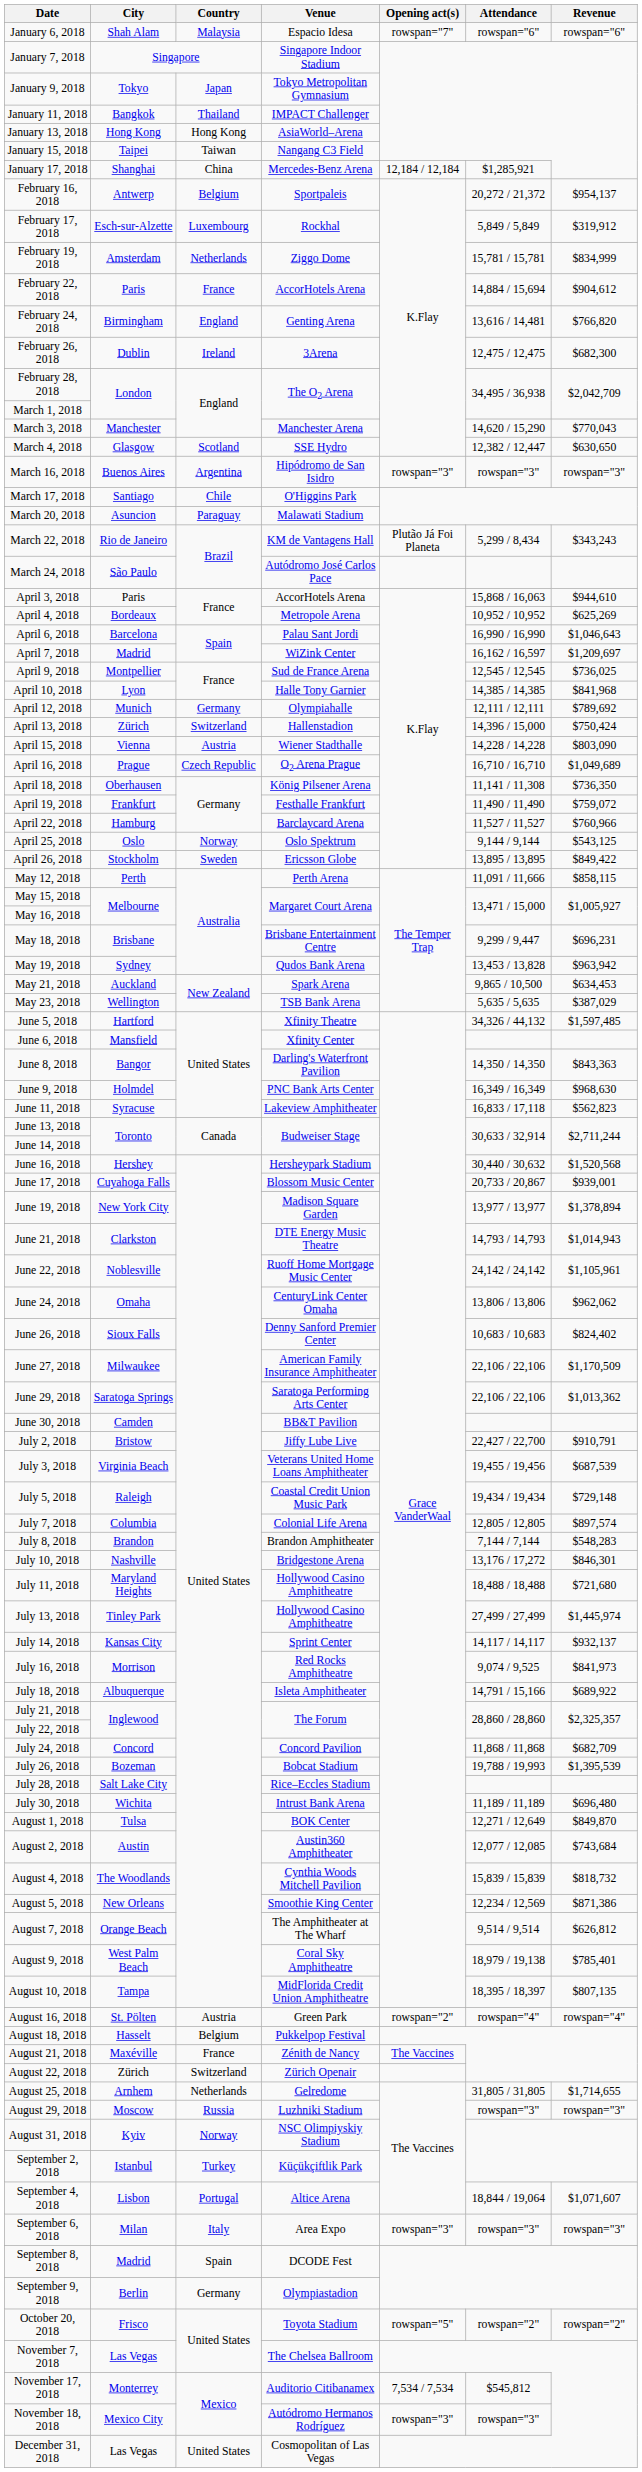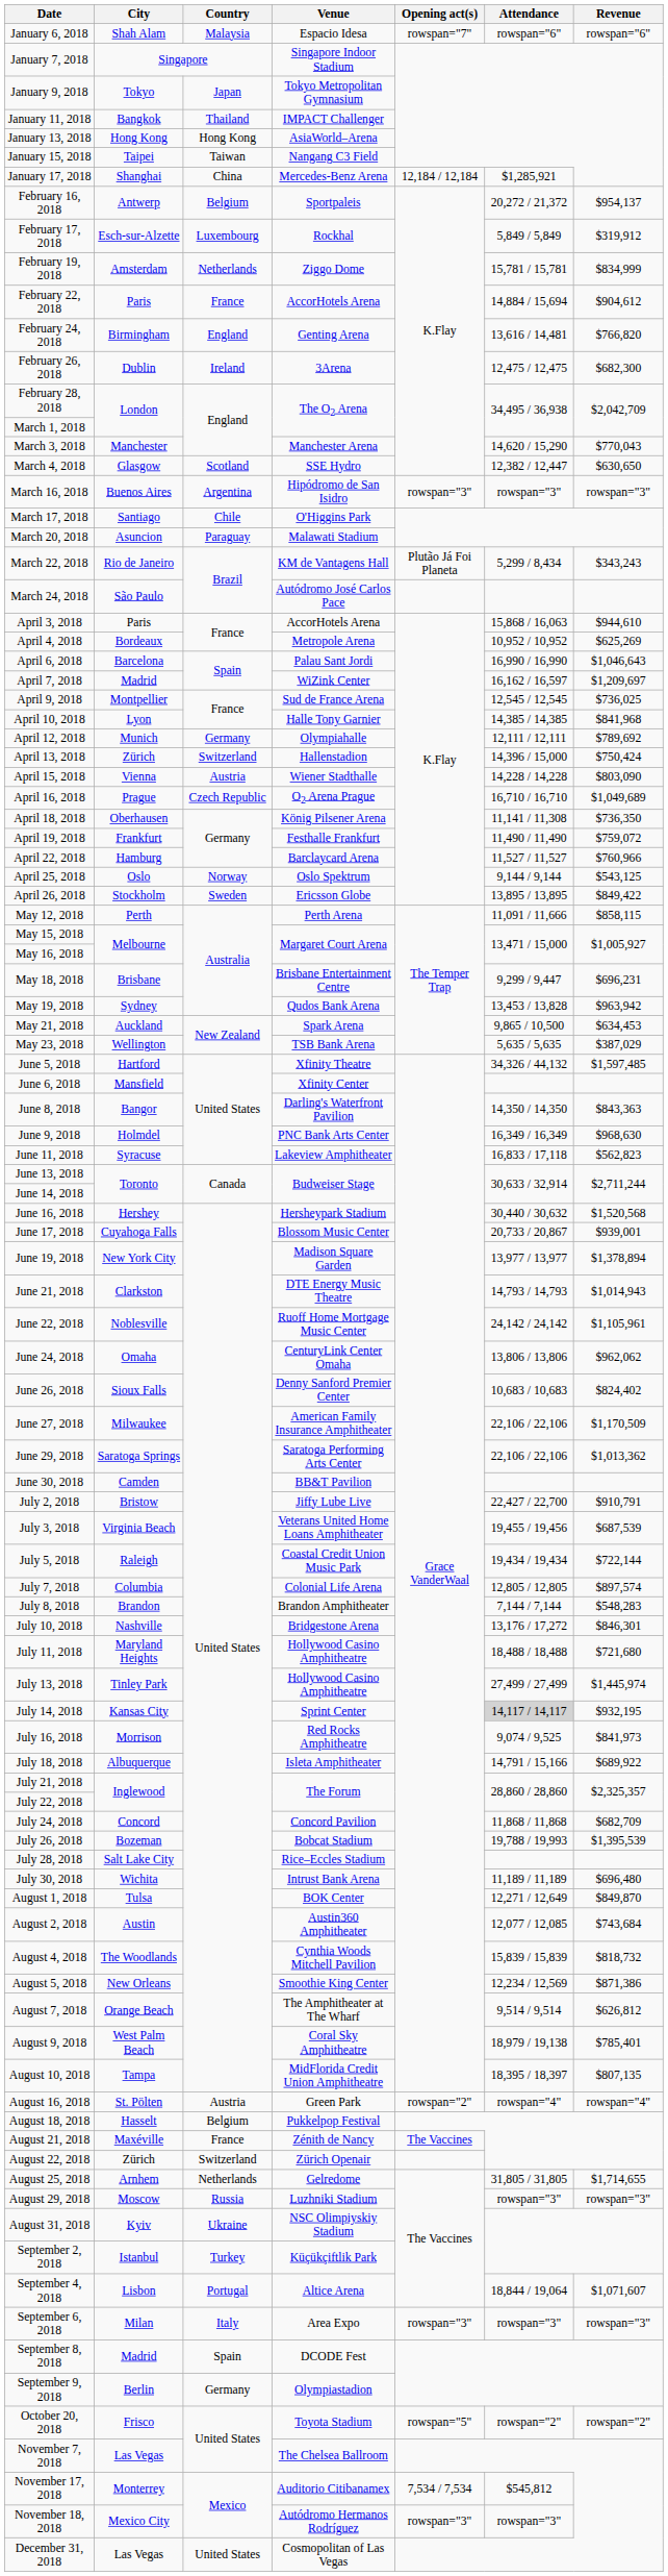 <table class="wikitable plainrowheaders" style="text-align:center;">
 <tr>
 <th scope="col" style="width:12em;">Date</th>
 <th scope="col" style="width:10em;">City</th>
 <th scope="col" style="width:10em;">Country</th>
 <th scope="col" style="width:16em;">Venue</th>
 <th scope="col" style="width:10em;">Opening act(s)</th>
 <th scope="col" style="width:10em;">Attendance</th>
 <th scope="col" style="width:10em;">Revenue</th>
 </tr>
 <tr>
 <td>January 6, 2018</td>
 <td><a href='#'>Shah Alam</a></td>
 <td><a href='#'>Malaysia</a></td>
 <td>Espacio Idesa</td>
 <td>rowspan="7" </td>
 <td>rowspan="6" </td>
 <td>rowspan="6" </td>
 </tr>
 <tr>
 <td>January 7, 2018</td>
 <td colspan="2"><a href='#'>Singapore</a></td>
 <td><a href='#'>Singapore Indoor Stadium</a></td>
 </tr>
 <tr>
 <td>January 9, 2018</td>
 <td><a href='#'>Tokyo</a></td>
 <td><a href='#'>Japan</a></td>
 <td><a href='#'>Tokyo Metropolitan Gymnasium</a></td>
 </tr>
 <tr>
 <td>January 11, 2018</td>
 <td><a href='#'>Bangkok</a></td>
 <td><a href='#'>Thailand</a></td>
 <td><a href='#'>IMPACT Challenger</a></td>
 </tr>
 <tr>
 <td>January 13, 2018</td>
 <td><a href='#'>Hong Kong</a></td>
 <td>Hong Kong</td>
 <td><a href='#'>AsiaWorld–Arena</a></td>
 </tr>
 <tr>
 <td>January 15, 2018</td>
 <td><a href='#'>Taipei</a></td>
 <td>Taiwan</td>
 <td><a href='#'>Nangang C3 Field</a></td>
 </tr>
 <tr>
 <td>January 17, 2018</td>
 <td><a href='#'>Shanghai</a></td>
 <td>China</td>
 <td><a href='#'>Mercedes-Benz Arena</a></td>
 <td>12,184 / 12,184</td>
 <td>$1,285,921</td>
 </tr>
 <tr>
 <td>February 16, 2018</td>
 <td><a href='#'>Antwerp</a></td>
 <td><a href='#'>Belgium</a></td>
 <td><a href='#'>Sportpaleis</a></td>
 <td rowspan="10">K.Flay</td>
 <td>20,272 / 21,372</td>
 <td>$954,137</td>
 </tr>
 <tr>
 <td>February 17, 2018</td>
 <td><a href='#'>Esch-sur-Alzette</a></td>
 <td><a href='#'>Luxembourg</a></td>
 <td><a href='#'>Rockhal</a></td>
 <td>5,849 / 5,849</td>
 <td>$319,912</td>
 </tr>
 <tr>
 <td>February 19, 2018</td>
 <td><a href='#'>Amsterdam</a></td>
 <td><a href='#'>Netherlands</a></td>
 <td><a href='#'>Ziggo Dome</a></td>
 <td>15,781 / 15,781</td>
 <td>$834,999</td>
 </tr>
 <tr>
 <td>February 22, 2018</td>
 <td><a href='#'>Paris</a></td>
 <td><a href='#'>France</a></td>
 <td><a href='#'>AccorHotels Arena</a></td>
 <td>14,884 / 15,694</td>
 <td>$904,612</td>
 </tr>
 <tr>
 <td>February 24, 2018</td>
 <td><a href='#'>Birmingham</a></td>
 <td><a href='#'>England</a></td>
 <td><a href='#'>Genting Arena</a></td>
 <td>13,616 / 14,481</td>
 <td>$766,820</td>
 </tr>
 <tr>
 <td>February 26, 2018</td>
 <td><a href='#'>Dublin</a></td>
 <td><a href='#'>Ireland</a></td>
 <td><a href='#'>3Arena</a></td>
 <td>12,475 / 12,475</td>
 <td>$682,300</td>
 </tr>
 <tr>
 <td>February 28, 2018</td>
 <td rowspan="2"><a href='#'>London</a></td>
 <td rowspan="3">England</td>
 <td rowspan="2"><a href='#'>The O<sub>2</sub> Arena</a></td>
 <td rowspan="2">34,495 / 36,938</td>
 <td rowspan="2">$2,042,709</td>
 </tr>
 <tr>
 <td>March 1, 2018</td>
 </tr>
 <tr>
 <td>March 3, 2018</td>
 <td><a href='#'>Manchester</a></td>
 <td><a href='#'>Manchester Arena</a></td>
 <td>14,620 / 15,290</td>
 <td>$770,043</td>
 </tr>
 <tr>
 <td>March 4, 2018</td>
 <td><a href='#'>Glasgow</a></td>
 <td><a href='#'>Scotland</a></td>
 <td><a href='#'>SSE Hydro</a></td>
 <td>12,382 / 12,447</td>
 <td>$630,650</td>
 </tr>
 <tr>
 <td>March 16, 2018</td>
 <td><a href='#'>Buenos Aires</a></td>
 <td><a href='#'>Argentina</a></td>
 <td><a href='#'>Hipódromo de San Isidro</a></td>
 <td>rowspan="3" </td>
 <td>rowspan="3" </td>
 <td>rowspan="3" </td>
 </tr>
 <tr>
 <td>March 17, 2018</td>
 <td><a href='#'>Santiago</a></td>
 <td><a href='#'>Chile</a></td>
 <td><a href='#'>O'Higgins Park</a></td>
 </tr>
 <tr>
 <td>March 20, 2018</td>
 <td><a href='#'>Asuncion</a></td>
 <td><a href='#'>Paraguay</a></td>
 <td><a href='#'>Malawati Stadium</a></td>
 </tr>
 <tr>
 <td>March 22, 2018</td>
 <td><a href='#'>Rio de Janeiro</a></td>
 <td rowspan="2"><a href='#'>Brazil</a></td>
 <td><a href='#'>KM de Vantagens Hall</a></td>
 <td>Plutão Já Foi Planeta</td>
 <td>5,299 / 8,434</td>
 <td>$343,243</td>
 </tr>
 <tr>
 <td>March 24, 2018</td>
 <td><a href='#'>São Paulo</a></td>
 <td><a href='#'>Autódromo José Carlos Pace</a></td>
 <td></td>
 <td></td>
 <td></td>
 </tr>
 <tr>
 <td>April 3, 2018</td>
 <td>Paris</td>
 <td rowspan="2">France</td>
 <td>AccorHotels Arena</td>
 <td rowspan="15">K.Flay</td>
 <td>15,868 / 16,063</td>
 <td>$944,610</td>
 </tr>
 <tr>
 <td>April 4, 2018</td>
 <td><a href='#'>Bordeaux</a></td>
 <td><a href='#'>Metropole Arena</a></td>
 <td>10,952 / 10,952</td>
 <td>$625,269</td>
 </tr>
 <tr>
 <td>April 6, 2018</td>
 <td><a href='#'>Barcelona</a></td>
 <td rowspan="2"><a href='#'>Spain</a></td>
 <td><a href='#'>Palau Sant Jordi</a></td>
 <td>16,990 / 16,990</td>
 <td>$1,046,643</td>
 </tr>
 <tr>
 <td>April 7, 2018</td>
 <td><a href='#'>Madrid</a></td>
 <td><a href='#'>WiZink Center</a></td>
 <td>16,162 / 16,597</td>
 <td>$1,209,697</td>
 </tr>
 <tr>
 <td>April 9, 2018</td>
 <td><a href='#'>Montpellier</a></td>
 <td rowspan="2">France</td>
 <td><a href='#'>Sud de France Arena</a></td>
 <td>12,545 / 12,545</td>
 <td>$736,025</td>
 </tr>
 <tr>
 <td>April 10, 2018</td>
 <td><a href='#'>Lyon</a></td>
 <td><a href='#'>Halle Tony Garnier</a></td>
 <td>14,385 / 14,385</td>
 <td>$841,968</td>
 </tr>
 <tr>
 <td>April 12, 2018</td>
 <td><a href='#'>Munich</a></td>
 <td><a href='#'>Germany</a></td>
 <td><a href='#'>Olympiahalle</a></td>
 <td>12,111 / 12,111</td>
 <td>$789,692</td>
 </tr>
 <tr>
 <td>April 13, 2018</td>
 <td><a href='#'>Zürich</a></td>
 <td><a href='#'>Switzerland</a></td>
 <td><a href='#'>Hallenstadion</a></td>
 <td>14,396 / 15,000</td>
 <td>$750,424</td>
 </tr>
 <tr>
 <td>April 15, 2018</td>
 <td><a href='#'>Vienna</a></td>
 <td><a href='#'>Austria</a></td>
 <td><a href='#'>Wiener Stadthalle</a></td>
 <td>14,228 / 14,228</td>
 <td>$803,090</td>
 </tr>
 <tr>
 <td>April 16, 2018</td>
 <td><a href='#'>Prague</a></td>
 <td><a href='#'>Czech Republic</a></td>
 <td><a href='#'>O<sub>2</sub> Arena Prague</a></td>
 <td>16,710 / 16,710</td>
 <td>$1,049,689</td>
 </tr>
 <tr>
 <td>April 18, 2018</td>
 <td><a href='#'>Oberhausen</a></td>
 <td rowspan="3">Germany</td>
 <td><a href='#'>König Pilsener Arena</a></td>
 <td>11,141 / 11,308</td>
 <td>$736,350</td>
 </tr>
 <tr>
 <td>April 19, 2018</td>
 <td><a href='#'>Frankfurt</a></td>
 <td><a href='#'>Festhalle Frankfurt</a></td>
 <td>11,490 / 11,490</td>
 <td>$759,072</td>
 </tr>
 <tr>
 <td>April 22, 2018</td>
 <td><a href='#'>Hamburg</a></td>
 <td><a href='#'>Barclaycard Arena</a></td>
 <td>11,527 / 11,527</td>
 <td>$760,966</td>
 </tr>
 <tr>
 <td>April 25, 2018</td>
 <td><a href='#'>Oslo</a></td>
 <td><a href='#'>Norway</a></td>
 <td><a href='#'>Oslo Spektrum</a></td>
 <td>9,144 / 9,144</td>
 <td>$543,125</td>
 </tr>
 <tr>
 <td>April 26, 2018</td>
 <td><a href='#'>Stockholm</a></td>
 <td><a href='#'>Sweden</a></td>
 <td><a href='#'>Ericsson Globe</a></td>
 <td>13,895 / 13,895</td>
 <td>$849,422</td>
 </tr>
 <tr>
 <td>May 12, 2018</td>
 <td><a href='#'>Perth</a></td>
 <td rowspan="5"><a href='#'>Australia</a></td>
 <td><a href='#'>Perth Arena</a></td>
 <td rowspan="7"><a href='#'>The Temper Trap</a></td>
 <td>11,091 / 11,666</td>
 <td>$858,115</td>
 </tr>
 <tr>
 <td>May 15, 2018</td>
 <td rowspan="2"><a href='#'>Melbourne</a></td>
 <td rowspan="2"><a href='#'>Margaret Court Arena</a></td>
 <td rowspan="2">13,471 / 15,000</td>
 <td rowspan="2">$1,005,927</td>
 </tr>
 <tr>
 <td>May 16, 2018</td>
 </tr>
 <tr>
 <td>May 18, 2018</td>
 <td><a href='#'>Brisbane</a></td>
 <td><a href='#'>Brisbane Entertainment Centre</a></td>
 <td>9,299 / 9,447</td>
 <td>$696,231</td>
 </tr>
 <tr>
 <td>May 19, 2018</td>
 <td><a href='#'>Sydney</a></td>
 <td><a href='#'>Qudos Bank Arena</a></td>
 <td>13,453 / 13,828</td>
 <td>$963,942</td>
 </tr>
 <tr>
 <td>May 21, 2018</td>
 <td><a href='#'>Auckland</a></td>
 <td rowspan="2"><a href='#'>New Zealand</a></td>
 <td><a href='#'>Spark Arena</a></td>
 <td>9,865 / 10,500</td>
 <td>$634,453</td>
 </tr>
 <tr>
 <td>May 23, 2018</td>
 <td><a href='#'>Wellington</a></td>
 <td><a href='#'>TSB Bank Arena</a></td>
 <td>5,635 / 5,635</td>
 <td>$387,029</td>
 </tr>
 <tr>
 <td>June 5, 2018</td>
 <td><a href='#'>Hartford</a></td>
 <td rowspan="5">United States</td>
 <td><a href='#'>Xfinity Theatre</a></td>
 <td rowspan="41"><a href='#'>Grace VanderWaal</a></td>
 <td>34,326 / 44,132</td>
 <td>$1,597,485</td>
 </tr>
 <tr>
 <td>June 6, 2018</td>
 <td><a href='#'>Mansfield</a></td>
 <td><a href='#'>Xfinity Center</a></td>
 <td></td>
 <td></td>
 </tr>
 <tr>
 <td>June 8, 2018</td>
 <td><a href='#'>Bangor</a></td>
 <td><a href='#'>Darling's Waterfront Pavilion</a></td>
 <td>14,350 / 14,350</td>
 <td>$843,363</td>
 </tr>
 <tr>
 <td>June 9, 2018</td>
 <td><a href='#'>Holmdel</a></td>
 <td><a href='#'>PNC Bank Arts Center</a></td>
 <td>16,349 / 16,349</td>
 <td>$968,630</td>
 </tr>
 <tr>
 <td>June 11, 2018</td>
 <td><a href='#'>Syracuse</a></td>
 <td><a href='#'>Lakeview Amphitheater</a></td>
 <td>16,833 / 17,118</td>
 <td>$562,823</td>
 </tr>
 <tr>
 <td>June 13, 2018</td>
 <td rowspan="2"><a href='#'>Toronto</a></td>
 <td rowspan="2">Canada</td>
 <td rowspan="2"><a href='#'>Budweiser Stage</a></td>
 <td rowspan="2">30,633 / 32,914</td>
 <td rowspan="2">$2,711,244</td>
 </tr>
 <tr>
 <td>June 14, 2018</td>
 </tr>
 <tr>
 <td>June 16, 2018</td>
 <td><a href='#'>Hershey</a></td>
 <td rowspan="34">United States</td>
 <td><a href='#'>Hersheypark Stadium</a></td>
 <td>30,440 / 30,632</td>
 <td>$1,520,568</td>
 </tr>
 <tr>
 <td>June 17, 2018</td>
 <td><a href='#'>Cuyahoga Falls</a></td>
 <td><a href='#'>Blossom Music Center</a></td>
 <td>20,733 / 20,867</td>
 <td>$939,001</td>
 </tr>
 <tr>
 <td>June 19, 2018</td>
 <td><a href='#'>New York City</a></td>
 <td><a href='#'>Madison Square Garden</a></td>
 <td>13,977 / 13,977</td>
 <td>$1,378,894</td>
 </tr>
 <tr>
 <td>June 21, 2018</td>
 <td><a href='#'>Clarkston</a></td>
 <td><a href='#'>DTE Energy Music Theatre</a></td>
 <td>14,793 / 14,793</td>
 <td>$1,014,943</td>
 </tr>
 <tr>
 <td>June 22, 2018</td>
 <td><a href='#'>Noblesville</a></td>
 <td><a href='#'>Ruoff Home Mortgage Music Center</a></td>
 <td>24,142 / 24,142</td>
 <td>$1,105,961</td>
 </tr>
 <tr>
 <td>June 24, 2018</td>
 <td><a href='#'>Omaha</a></td>
 <td><a href='#'>CenturyLink Center Omaha</a></td>
 <td>13,806 / 13,806</td>
 <td>$962,062</td>
 </tr>
 <tr>
 <td>June 26, 2018</td>
 <td><a href='#'>Sioux Falls</a></td>
 <td><a href='#'>Denny Sanford Premier Center</a></td>
 <td>10,683 / 10,683</td>
 <td>$824,402</td>
 </tr>
 <tr>
 <td>June 27, 2018</td>
 <td><a href='#'>Milwaukee</a></td>
 <td><a href='#'>American Family Insurance Amphitheater</a></td>
 <td>22,106 / 22,106</td>
 <td>$1,170,509</td>
 </tr>
 <tr>
 <td>June 29, 2018</td>
 <td><a href='#'>Saratoga Springs</a></td>
 <td><a href='#'>Saratoga Performing Arts Center</a></td>
 <td>22,106 / 22,106</td>
 <td>$1,013,362</td>
 </tr>
 <tr>
 <td>June 30, 2018</td>
 <td><a href='#'>Camden</a></td>
 <td><a href='#'>BB&T Pavilion</a></td>
 <td></td>
 <td></td>
 </tr>
 <tr>
 <td>July 2, 2018</td>
 <td><a href='#'>Bristow</a></td>
 <td><a href='#'>Jiffy Lube Live</a></td>
 <td>22,427 / 22,700</td>
 <td>$910,791</td>
 </tr>
 <tr>
 <td>July 3, 2018</td>
 <td><a href='#'>Virginia Beach</a></td>
 <td><a href='#'>Veterans United Home Loans Amphitheater</a></td>
 <td>19,455 / 19,456</td>
 <td>$687,539</td>
 </tr>
 <tr>
 <td>July 5, 2018</td>
 <td><a href='#'>Raleigh</a></td>
 <td><a href='#'>Coastal Credit Union Music Park</a></td>
 <td>19,434 / 19,434</td>
-<td>$729,148</td>
+<td>$722,144</td>
 </tr>
 <tr>
 <td>July 7, 2018</td>
 <td><a href='#'>Columbia</a></td>
 <td><a href='#'>Colonial Life Arena</a></td>
 <td>12,805 / 12,805</td>
 <td>$897,574</td>
 </tr>
 <tr>
 <td>July 8, 2018</td>
 <td><a href='#'>Brandon</a></td>
 <td>Brandon Amphitheater</td>
 <td>7,144 / 7,144</td>
 <td>$548,283</td>
 </tr>
 <tr>
 <td>July 10, 2018</td>
 <td><a href='#'>Nashville</a></td>
 <td><a href='#'>Bridgestone Arena</a></td>
 <td>13,176 / 17,272</td>
 <td>$846,301</td>
 </tr>
 <tr>
 <td>July 11, 2018</td>
 <td><a href='#'>Maryland Heights</a></td>
 <td><a href='#'>Hollywood Casino Amphitheatre</a></td>
 <td>18,488 / 18,488</td>
 <td>$721,680</td>
 </tr>
 <tr>
 <td>July 13, 2018</td>
 <td><a href='#'>Tinley Park</a></td>
 <td><a href='#'>Hollywood Casino Amphitheatre</a></td>
 <td>27,499 / 27,499</td>
 <td>$1,445,974</td>
 </tr>
 <tr>
 <td>July 14, 2018</td>
 <td><a href='#'>Kansas City</a></td>
 <td><a href='#'>Sprint Center</a></td>
-<td>14,117 / 14,117</td>
-<td>$932,137</td>
+<td style="background: lightgrey;">14,117 / 14,117</td>
+<td>$932,195</td>
 </tr>
 <tr>
 <td>July 16, 2018</td>
 <td><a href='#'>Morrison</a></td>
 <td><a href='#'>Red Rocks Amphitheatre</a></td>
 <td>9,074 / 9,525</td>
 <td>$841,973</td>
 </tr>
 <tr>
 <td>July 18, 2018</td>
 <td><a href='#'>Albuquerque</a></td>
 <td><a href='#'>Isleta Amphitheater</a></td>
 <td>14,791 / 15,166</td>
 <td>$689,922</td>
 </tr>
 <tr>
 <td>July 21, 2018</td>
 <td rowspan="2"><a href='#'>Inglewood</a></td>
 <td rowspan="2"><a href='#'>The Forum</a></td>
 <td rowspan="2">28,860 / 28,860</td>
 <td rowspan="2">$2,325,357</td>
 </tr>
 <tr>
 <td>July 22, 2018</td>
 </tr>
 <tr>
 <td>July 24, 2018</td>
 <td><a href='#'>Concord</a></td>
 <td><a href='#'>Concord Pavilion</a></td>
 <td>11,868 / 11,868</td>
 <td>$682,709</td>
 </tr>
 <tr>
 <td>July 26, 2018</td>
 <td><a href='#'>Bozeman</a></td>
 <td><a href='#'>Bobcat Stadium</a></td>
 <td>19,788 / 19,993</td>
 <td>$1,395,539</td>
 </tr>
 <tr>
 <td>July 28, 2018</td>
 <td><a href='#'>Salt Lake City</a></td>
 <td><a href='#'>Rice–Eccles Stadium</a></td>
 <td></td>
 <td></td>
 </tr>
 <tr>
 <td>July 30, 2018</td>
 <td><a href='#'>Wichita</a></td>
 <td><a href='#'>Intrust Bank Arena</a></td>
 <td>11,189 / 11,189</td>
 <td>$696,480</td>
 </tr>
 <tr>
 <td>August 1, 2018</td>
 <td><a href='#'>Tulsa</a></td>
 <td><a href='#'>BOK Center</a></td>
 <td>12,271 / 12,649</td>
 <td>$849,870</td>
 </tr>
 <tr>
 <td>August 2, 2018</td>
 <td><a href='#'>Austin</a></td>
 <td><a href='#'>Austin360 Amphitheater</a></td>
 <td>12,077 / 12,085</td>
 <td>$743,684</td>
 </tr>
 <tr>
 <td>August 4, 2018</td>
 <td><a href='#'>The Woodlands</a></td>
 <td><a href='#'>Cynthia Woods Mitchell Pavilion</a></td>
 <td>15,839 / 15,839</td>
 <td>$818,732</td>
 </tr>
 <tr>
 <td>August 5, 2018</td>
 <td><a href='#'>New Orleans</a></td>
 <td><a href='#'>Smoothie King Center</a></td>
 <td>12,234 / 12,569</td>
 <td>$871,386</td>
 </tr>
 <tr>
 <td>August 7, 2018</td>
 <td><a href='#'>Orange Beach</a></td>
 <td>The Amphitheater at The Wharf</td>
 <td>9,514 / 9,514</td>
 <td>$626,812</td>
 </tr>
 <tr>
 <td>August 9, 2018</td>
 <td><a href='#'>West Palm Beach</a></td>
 <td><a href='#'>Coral Sky Amphitheatre</a></td>
 <td>18,979 / 19,138</td>
 <td>$785,401</td>
 </tr>
 <tr>
 <td>August 10, 2018</td>
 <td><a href='#'>Tampa</a></td>
 <td><a href='#'>MidFlorida Credit Union Amphitheatre</a></td>
 <td>18,395 / 18,397</td>
 <td>$807,135</td>
 </tr>
 <tr>
 <td>August 16, 2018</td>
 <td><a href='#'>St. Pölten</a></td>
 <td>Austria</td>
 <td>Green Park</td>
 <td>rowspan="2" </td>
 <td>rowspan="4" </td>
 <td>rowspan="4" </td>
 </tr>
 <tr>
 <td>August 18, 2018</td>
 <td><a href='#'>Hasselt</a></td>
 <td>Belgium</td>
 <td><a href='#'>Pukkelpop Festival</a></td>
 </tr>
 <tr>
 <td>August 21, 2018</td>
 <td><a href='#'>Maxéville</a></td>
 <td>France</td>
 <td><a href='#'>Zénith de Nancy</a></td>
 <td><a href='#'>The Vaccines</a></td>
 </tr>
 <tr>
 <td>August 22, 2018</td>
 <td>Zürich</td>
 <td>Switzerland</td>
 <td><a href='#'>Zürich Openair</a></td>
 <td></td>
 </tr>
 <tr>
 <td>August 25, 2018</td>
 <td><a href='#'>Arnhem</a></td>
 <td>Netherlands</td>
 <td><a href='#'>Gelredome</a></td>
 <td rowspan="5">The Vaccines</td>
 <td>31,805 / 31,805</td>
 <td>$1,714,655</td>
 </tr>
 <tr>
 <td>August 29, 2018</td>
 <td><a href='#'>Moscow</a></td>
 <td><a href='#'>Russia</a></td>
 <td><a href='#'>Luzhniki Stadium</a></td>
 <td>rowspan="3" </td>
 <td>rowspan="3" </td>
 </tr>
 <tr>
 <td>August 31, 2018</td>
 <td><a href='#'>Kyiv</a></td>
-<td><a href='#'>Norway</a></td>
+<td><a href='#'>Ukraine</a></td>
 <td><a href='#'>NSC Olimpiyskiy Stadium</a></td>
 </tr>
 <tr>
 <td>September 2, 2018</td>
 <td><a href='#'>Istanbul</a></td>
 <td><a href='#'>Turkey</a></td>
 <td><a href='#'>Küçükçiftlik Park</a></td>
 </tr>
 <tr>
 <td>September 4, 2018</td>
 <td><a href='#'>Lisbon</a></td>
 <td><a href='#'>Portugal</a></td>
 <td><a href='#'>Altice Arena</a></td>
 <td>18,844 / 19,064</td>
 <td>$1,071,607</td>
 </tr>
 <tr>
 <td>September 6, 2018</td>
 <td><a href='#'>Milan</a></td>
 <td><a href='#'>Italy</a></td>
 <td>Area Expo</td>
 <td>rowspan="3" </td>
 <td>rowspan="3" </td>
 <td>rowspan="3" </td>
 </tr>
 <tr>
 <td>September 8, 2018</td>
 <td><a href='#'>Madrid</a></td>
 <td>Spain</td>
 <td>DCODE Fest</td>
 </tr>
 <tr>
 <td>September 9, 2018</td>
 <td><a href='#'>Berlin</a></td>
 <td>Germany</td>
 <td><a href='#'>Olympiastadion</a></td>
 </tr>
 <tr>
 <td>October 20, 2018</td>
 <td><a href='#'>Frisco</a></td>
 <td rowspan="2">United States</td>
 <td><a href='#'>Toyota Stadium</a></td>
 <td>rowspan="5" </td>
 <td>rowspan="2" </td>
 <td>rowspan="2" </td>
 </tr>
 <tr>
 <td>November 7, 2018</td>
 <td><a href='#'>Las Vegas</a></td>
 <td><a href='#'>The Chelsea Ballroom</a></td>
 </tr>
 <tr>
 <td>November 17, 2018</td>
 <td><a href='#'>Monterrey</a></td>
 <td rowspan="2"><a href='#'>Mexico</a></td>
 <td><a href='#'>Auditorio Citibanamex</a></td>
 <td>7,534 / 7,534</td>
 <td>$545,812</td>
 </tr>
 <tr>
 <td>November 18, 2018</td>
 <td><a href='#'>Mexico City</a></td>
 <td><a href='#'>Autódromo Hermanos Rodríguez</a></td>
 <td>rowspan="3" </td>
 <td>rowspan="3" </td>
 </tr>
 <tr>
 <td>December 31, 2018</td>
 <td>Las Vegas</td>
 <td>United States</td>
 <td>Cosmopolitan of Las Vegas</td>
 </tr>
 </table>
